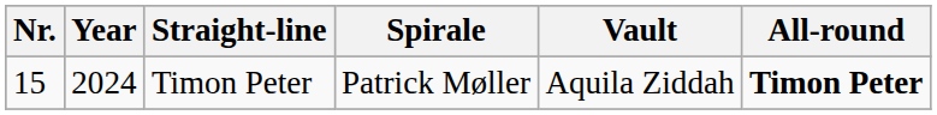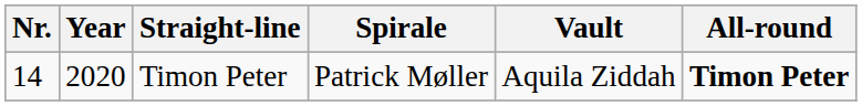 <table class="wikitable">
 <tr>
 <th>Nr.</th>
 <th>Year</th>
 <th>Straight-line</th>
 <th>Spirale</th>
 <th>Vault</th>
 <th>All-round</th>
 </tr>
 <tr>
-<td>15</td>
-<td>2024</td>
+<td>14</td>
+<td>2020</td>
 <td> Timon Peter</td>
 <td> Patrick Møller</td>
 <td> Aquila Ziddah</td>
 <td><strong> Timon Peter</strong></td>
 </tr>
 </table>
